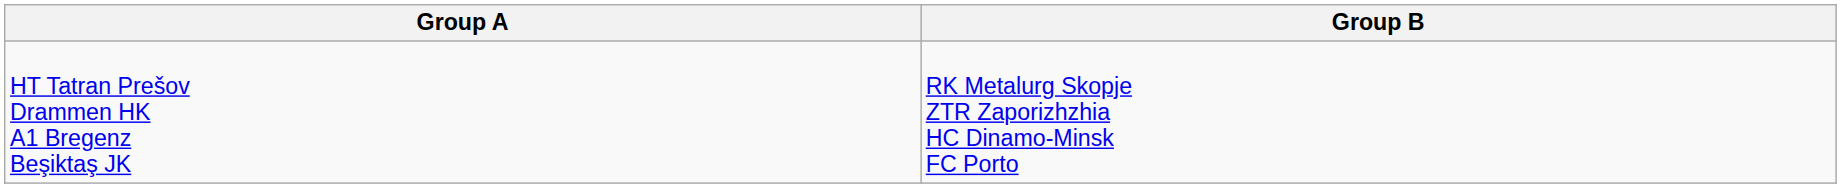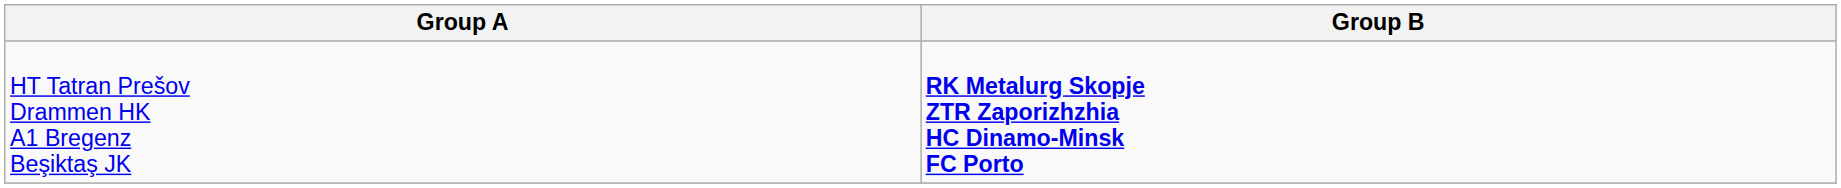 <table class="wikitable" width=100%>
 <tr>
 <th width=25%>Group A</th>
 <th width=25%>Group B</th>
 </tr>
 <tr>
 <td><br> <a href='#'>HT Tatran Prešov</a><br>  <a href='#'>Drammen HK</a><br>  <a href='#'>A1 Bregenz</a><br>  <a href='#'>Beşiktaş JK</a></td>
-<td><br> <a href='#'>RK Metalurg Skopje</a><br>  <a href='#'>ZTR Zaporizhzhia</a><br>  <a href='#'>HC Dinamo-Minsk</a><br>  <a href='#'>FC Porto</a><br></td>
+<td><strong><br> <a href='#'>RK Metalurg Skopje</a><br>  <a href='#'>ZTR Zaporizhzhia</a><br>  <a href='#'>HC Dinamo-Minsk</a><br>  <a href='#'>FC Porto</a><br></strong></td>
 </tr>
 </table>
